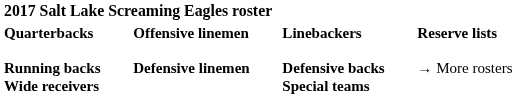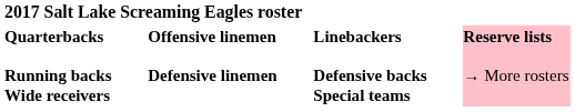 <table class="toccolours" style="text-align: left;">
 <tr>
 <th colspan="7">2017 Salt Lake Screaming Eagles roster</th>
 </tr>
 <tr>
 <td style="font-size: 95%;vertical-align:top;"><strong>Quarterbacks</strong><br><br><strong>Running backs</strong>  <br><strong>Wide receivers</strong>       </td>
 <td style="width: 25px;"></td>
 <td style="font-size: 95%;vertical-align:top;"><strong>Offensive linemen</strong><br>  <br><strong>Defensive linemen</strong>     </td>
 <td style="width: 25px;"></td>
 <td style="font-size: 95%;vertical-align:top;"><strong>Linebackers</strong><br> <br><strong>Defensive backs</strong>     <br><strong>Special teams</strong> </td>
 <td style="width: 25px;"></td>
-<td style="font-size: 95%;vertical-align:top;"><strong>Reserve lists</strong><br>          <br> → More rosters</td>
+<td style="background: pink; font-size: 95%;vertical-align:top;"><strong>Reserve lists</strong><br>          <br> → More rosters</td>
 </tr>
 <tr>
 </tr>
 </table>
